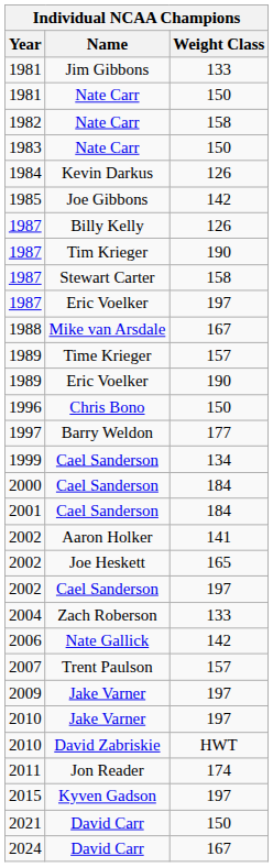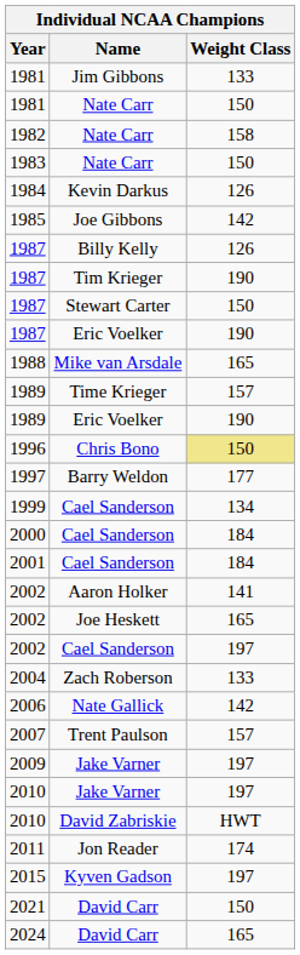 <table class="wikitable">
 <tr>
 <th colspan="3">Individual NCAA Champions</th>
 </tr>
 <tr>
 <th scope="col">Year</th>
 <th scope="col">Name</th>
 <th scope="col">Weight Class</th>
 </tr>
 <tr>
 <td>1981</td>
 <td style="text-align: center;">Jim Gibbons</td>
 <td style="text-align: center;">133</td>
 </tr>
 <tr>
 <td>1981</td>
 <td style="text-align: center;"><a href='#'>Nate Carr</a></td>
 <td style="text-align: center;">150</td>
 </tr>
 <tr>
 <td>1982</td>
 <td style="text-align: center;"><a href='#'>Nate Carr</a></td>
 <td style="text-align: center;">158</td>
 </tr>
 <tr>
 <td>1983</td>
 <td style="text-align: center;"><a href='#'>Nate Carr</a></td>
 <td style="text-align: center;">150</td>
 </tr>
 <tr>
 <td>1984</td>
 <td style="text-align: center;">Kevin Darkus</td>
 <td style="text-align: center;">126</td>
 </tr>
 <tr>
 <td>1985</td>
 <td style="text-align: center;">Joe Gibbons</td>
 <td style="text-align: center;">142</td>
 </tr>
 <tr>
 <td><a href='#'>1987</a></td>
 <td style="text-align: center;">Billy Kelly</td>
 <td style="text-align: center;">126</td>
 </tr>
 <tr>
 <td><a href='#'>1987</a></td>
 <td style="text-align: center;">Tim Krieger</td>
 <td style="text-align: center;">190</td>
 </tr>
 <tr>
 <td><a href='#'>1987</a></td>
 <td style="text-align: center;">Stewart Carter</td>
-<td style="text-align: center;">158</td>
+<td style="text-align: center;">150</td>
 </tr>
 <tr>
 <td><a href='#'>1987</a></td>
 <td style="text-align: center;">Eric Voelker</td>
-<td style="text-align: center;">197</td>
+<td style="text-align: center;">190</td>
 </tr>
 <tr>
 <td>1988</td>
 <td style="text-align: center;"><a href='#'>Mike van Arsdale</a></td>
-<td style="text-align: center;">167</td>
+<td style="text-align: center;">165</td>
 </tr>
 <tr>
 <td>1989</td>
 <td style="text-align: center;">Time Krieger</td>
 <td style="text-align: center;">157</td>
 </tr>
 <tr>
 <td>1989</td>
 <td style="text-align: center;">Eric Voelker</td>
 <td style="text-align: center;">190</td>
 </tr>
 <tr>
 <td>1996</td>
 <td style="text-align: center;"><a href='#'>Chris Bono</a></td>
-<td style="text-align: center;">150</td>
+<td style="background: khaki; text-align: center;">150</td>
 </tr>
 <tr>
 <td>1997</td>
 <td style="text-align: center;">Barry Weldon</td>
 <td style="text-align: center;">177</td>
 </tr>
 <tr>
 <td>1999</td>
 <td style="text-align: center;"><a href='#'>Cael Sanderson</a></td>
 <td style="text-align: center;">134</td>
 </tr>
 <tr>
 <td>2000</td>
 <td style="text-align: center;"><a href='#'>Cael Sanderson</a></td>
 <td style="text-align: center;">184</td>
 </tr>
 <tr>
 <td>2001</td>
 <td style="text-align: center;"><a href='#'>Cael Sanderson</a></td>
 <td style="text-align: center;">184</td>
 </tr>
 <tr>
 <td>2002</td>
 <td style="text-align: center;">Aaron Holker</td>
 <td style="text-align: center;">141</td>
 </tr>
 <tr>
 <td>2002</td>
 <td style="text-align: center;">Joe Heskett</td>
 <td style="text-align: center;">165</td>
 </tr>
 <tr>
 <td>2002</td>
 <td style="text-align: center;"><a href='#'>Cael Sanderson</a></td>
 <td style="text-align: center;">197</td>
 </tr>
 <tr>
 <td>2004</td>
 <td style="text-align: center;">Zach Roberson</td>
 <td style="text-align: center;">133</td>
 </tr>
 <tr>
 <td>2006</td>
 <td style="text-align: center;"><a href='#'>Nate Gallick</a></td>
 <td style="text-align: center;">142</td>
 </tr>
 <tr>
 <td>2007</td>
 <td style="text-align: center;">Trent Paulson</td>
 <td style="text-align: center;">157</td>
 </tr>
 <tr>
 <td>2009</td>
 <td style="text-align: center;"><a href='#'>Jake Varner</a></td>
 <td style="text-align: center;">197</td>
 </tr>
 <tr>
 <td>2010</td>
 <td style="text-align: center;"><a href='#'>Jake Varner</a></td>
 <td style="text-align: center;">197</td>
 </tr>
 <tr>
 <td>2010</td>
 <td style="text-align: center;"><a href='#'>David Zabriskie</a></td>
 <td style="text-align: center;">HWT</td>
 </tr>
 <tr>
 <td>2011</td>
 <td style="text-align: center;">Jon Reader</td>
 <td style="text-align: center;">174</td>
 </tr>
 <tr>
 <td>2015</td>
 <td style="text-align: center;"><a href='#'>Kyven Gadson</a></td>
 <td style="text-align: center;">197</td>
 </tr>
 <tr>
 <td>2021</td>
 <td style="text-align: center;"><a href='#'>David Carr</a></td>
 <td style="text-align: center;">150</td>
 </tr>
 <tr>
 <td>2024</td>
 <td style="text-align: center;"><a href='#'>David Carr</a></td>
-<td style="text-align: center;">167</td>
+<td style="text-align: center;">165</td>
 </tr>
 </table>
